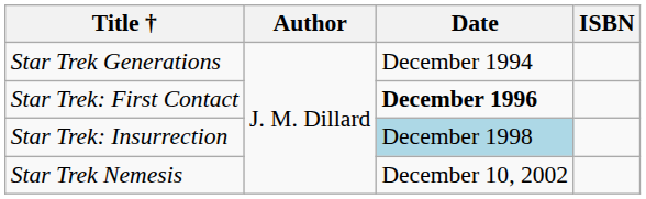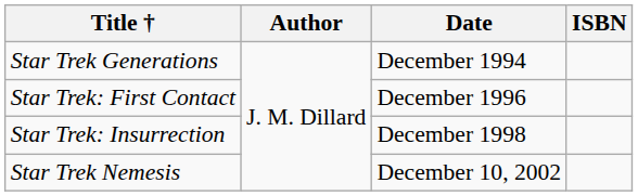 <table class="wikitable">
 <tr>
 <th>Title †</th>
 <th>Author</th>
 <th>Date</th>
 <th>ISBN</th>
 </tr>
 <tr>
 <td><em>Star Trek Generations</em></td>
 <td rowspan="4">J. M. Dillard</td>
 <td>December 1994</td>
 <td></td>
 </tr>
 <tr>
 <td><em>Star Trek: First Contact</em></td>
-<td><strong>December 1996</strong></td>
+<td>December 1996</td>
 <td></td>
 </tr>
 <tr>
 <td><em>Star Trek: Insurrection</em></td>
-<td style="background: lightblue;">December 1998</td>
+<td>December 1998</td>
 <td></td>
 </tr>
 <tr>
 <td><em>Star Trek Nemesis</em></td>
 <td>December 10, 2002</td>
 <td></td>
 </tr>
 </table>
